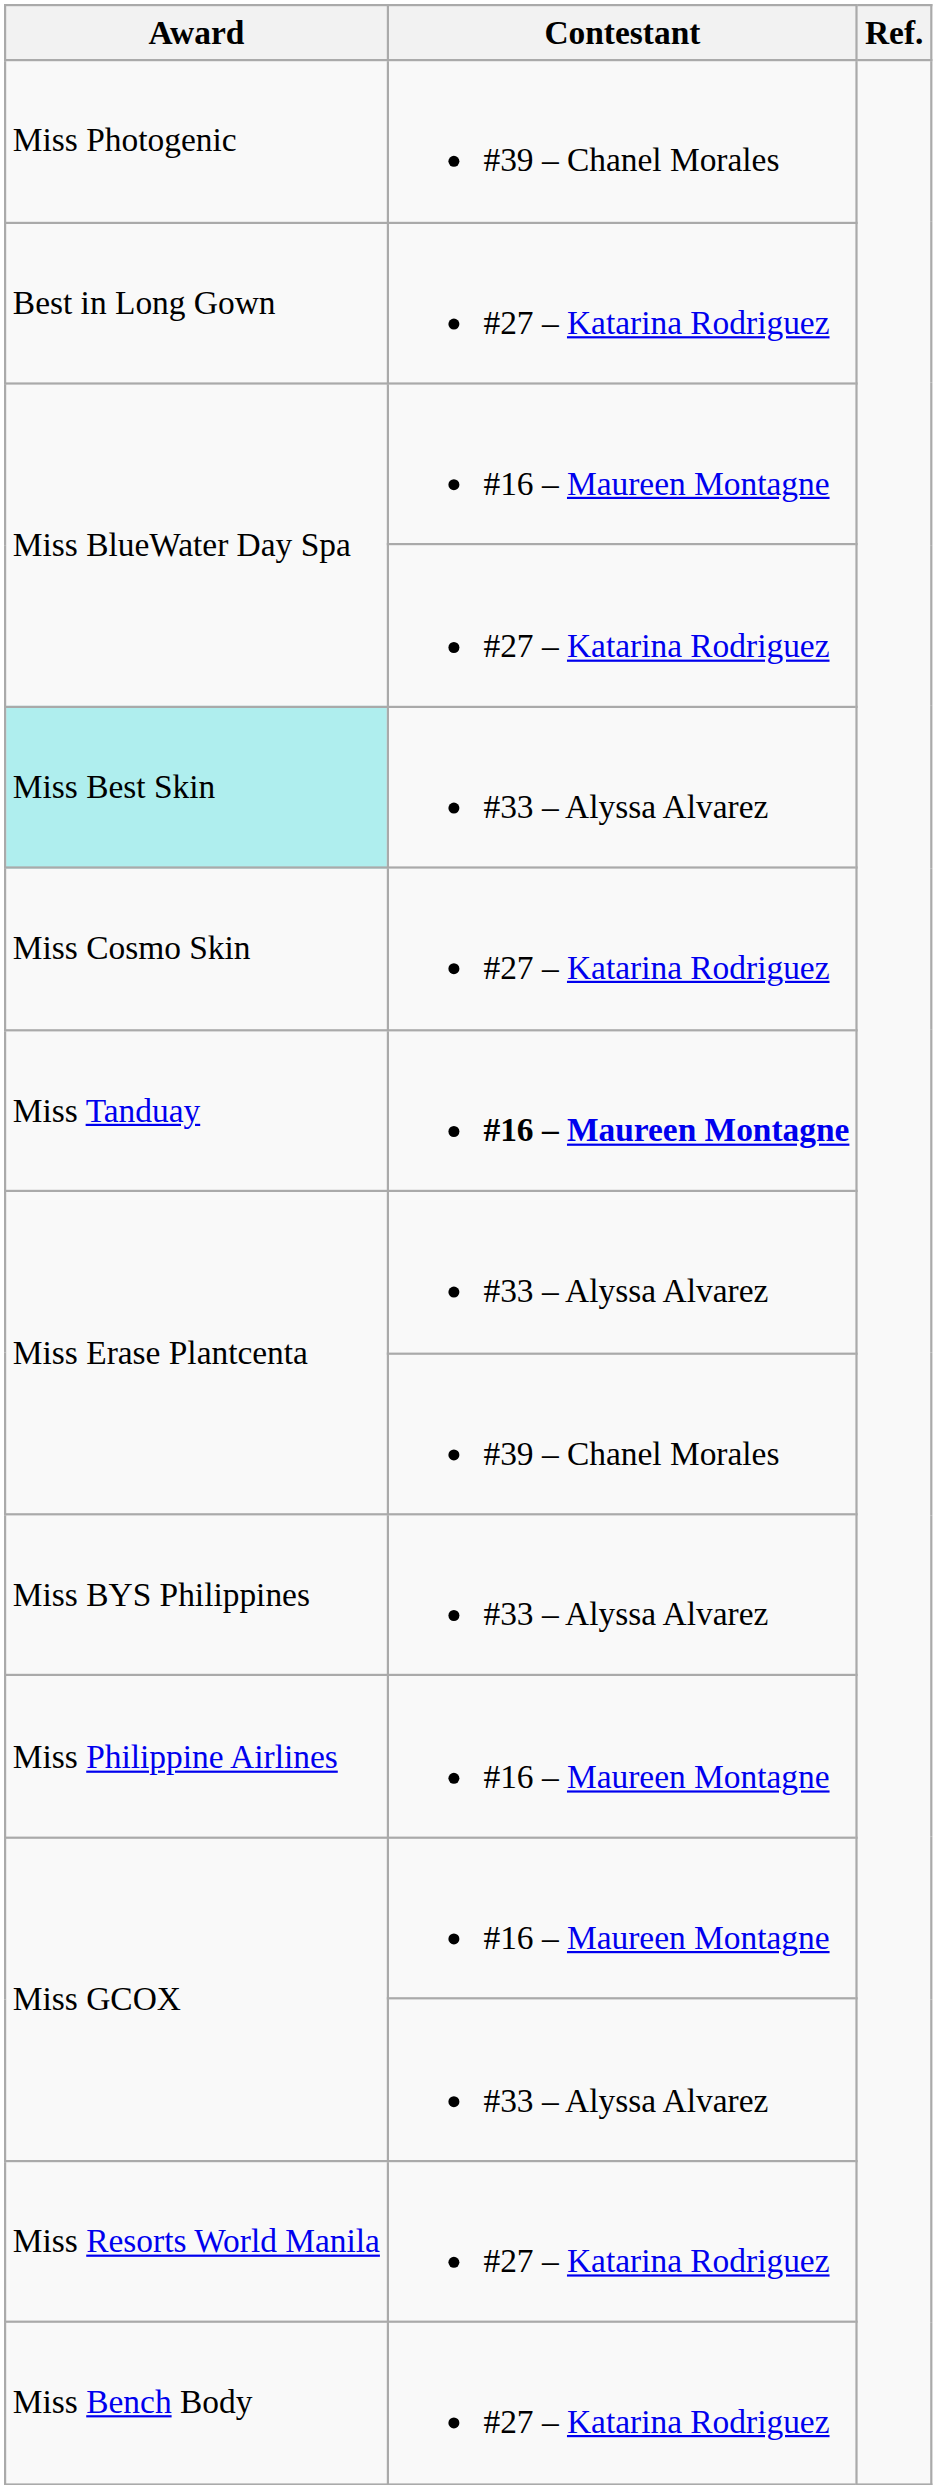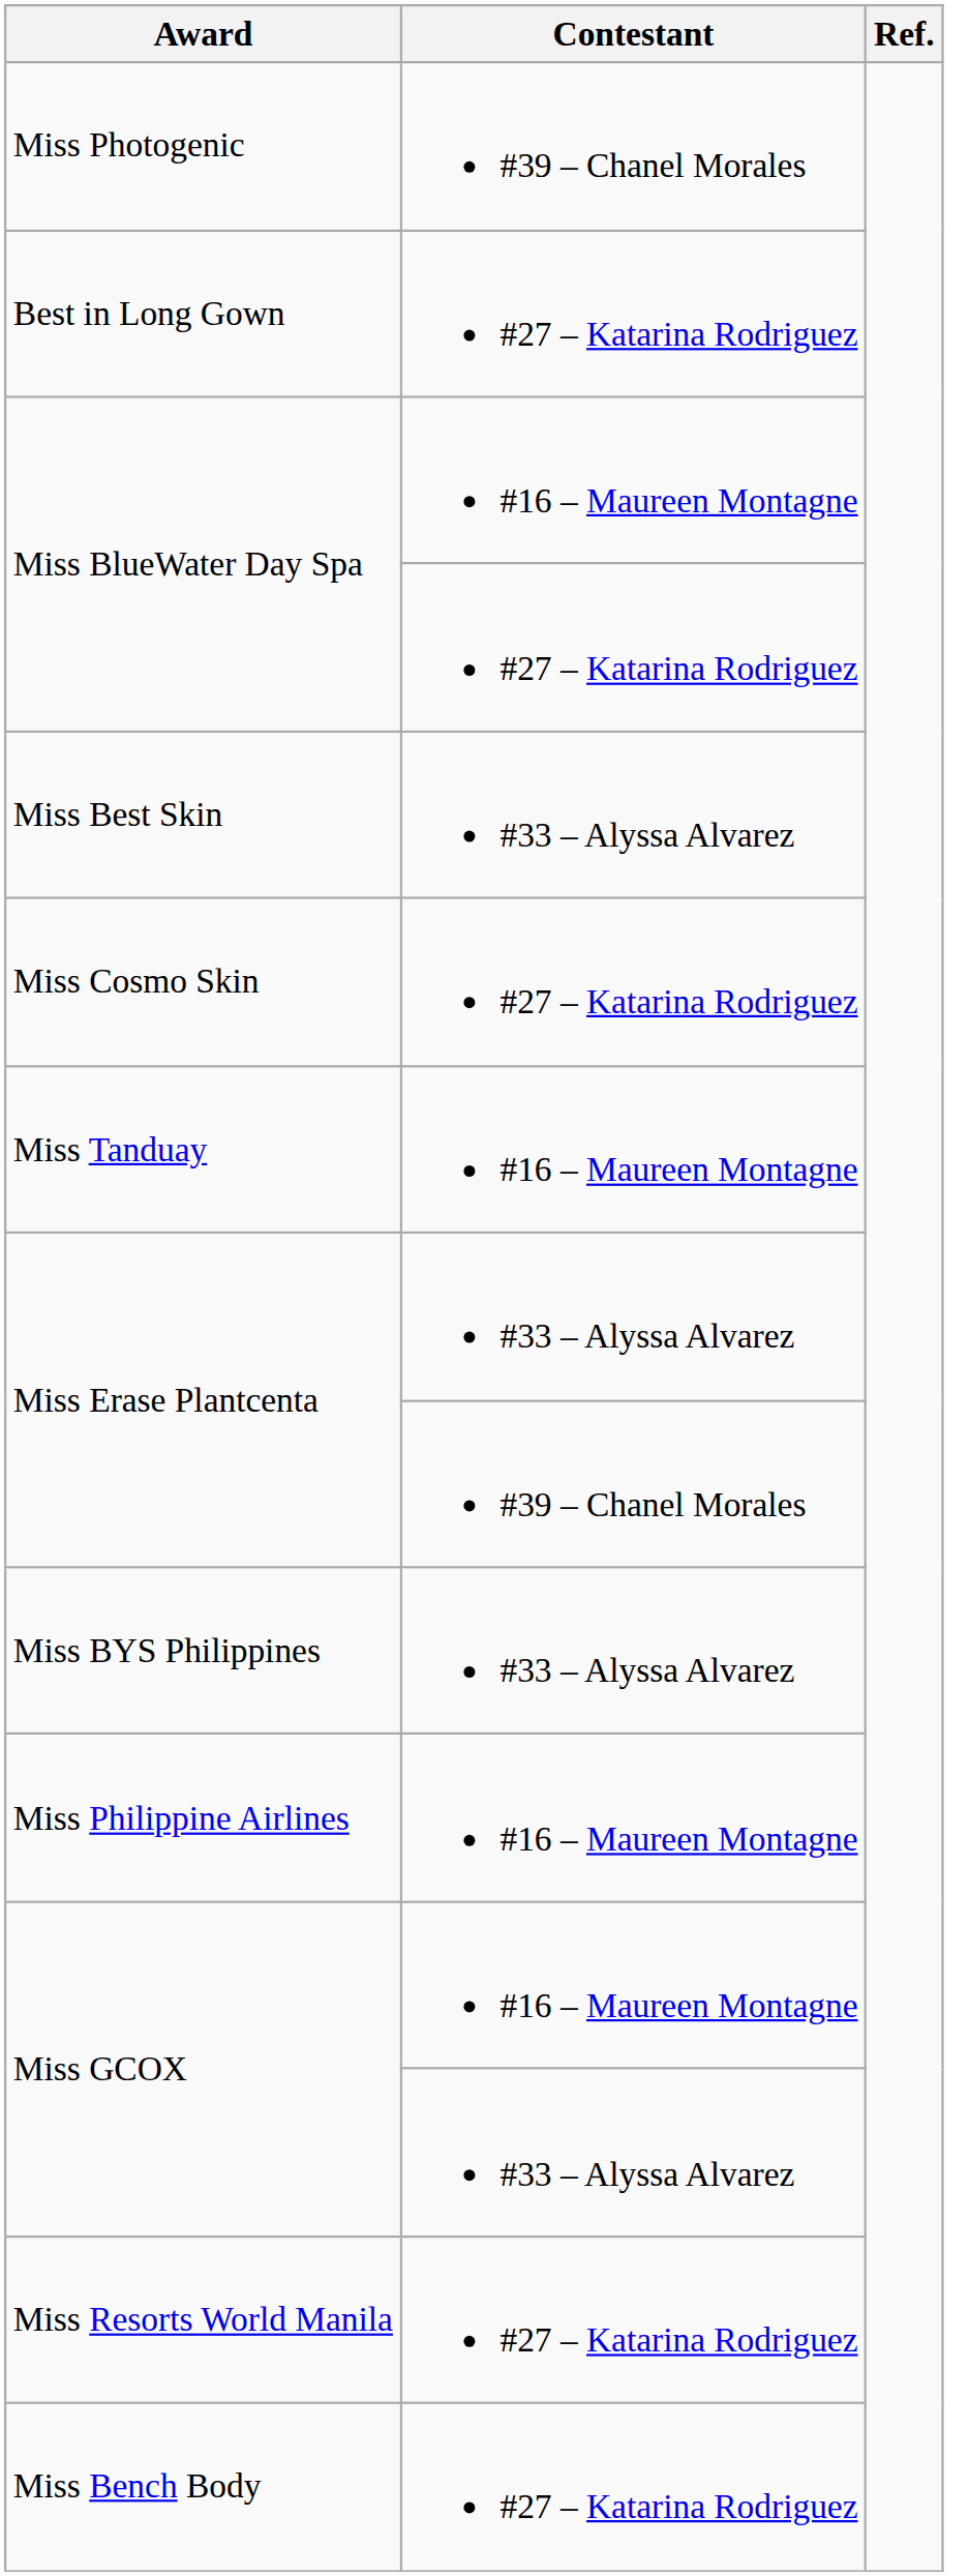 <table class="wikitable sortable" style="font-size:95%;">
 <tr>
 <th>Award</th>
 <th>Contestant</th>
 <th>Ref.</th>
 </tr>
 <tr>
 <td>Miss Photogenic</td>
 <td><br><ul><li>#39 – Chanel Morales</li></ul></td>
 <td rowspan="15"><br></td>
 </tr>
 <tr>
 <td>Best in Long Gown</td>
 <td><br><ul><li>#27 – <a href='#'>Katarina Rodriguez</a></li></ul></td>
 </tr>
 <tr>
 <td rowspan="2">Miss BlueWater Day Spa</td>
 <td><br><ul><li>#16 – <a href='#'>Maureen Montagne</a></li></ul></td>
 </tr>
 <tr>
 <td><br><ul><li>#27 – <a href='#'>Katarina Rodriguez</a></li></ul></td>
 </tr>
 <tr>
-<td style="background: paleturquoise;">Miss Best Skin</td>
+<td>Miss Best Skin</td>
 <td><br><ul><li>#33 – Alyssa Alvarez</li></ul></td>
 </tr>
 <tr>
 <td>Miss Cosmo Skin</td>
 <td><br><ul><li>#27 – <a href='#'>Katarina Rodriguez</a></li></ul></td>
 </tr>
 <tr>
 <td>Miss <a href='#'>Tanduay</a></td>
-<td><strong><br><ul><li>#16 – <a href='#'>Maureen Montagne</a></li></ul></strong></td>
+<td><br><ul><li>#16 – <a href='#'>Maureen Montagne</a></li></ul></td>
 </tr>
 <tr>
 <td rowspan="2">Miss Erase Plantcenta</td>
 <td><br><ul><li>#33 – Alyssa Alvarez</li></ul></td>
 </tr>
 <tr>
 <td><br><ul><li>#39 – Chanel Morales</li></ul></td>
 </tr>
 <tr>
 <td>Miss BYS Philippines</td>
 <td><br><ul><li>#33 – Alyssa Alvarez</li></ul></td>
 </tr>
 <tr>
 <td>Miss <a href='#'>Philippine Airlines</a></td>
 <td><br><ul><li>#16 – <a href='#'>Maureen Montagne</a></li></ul></td>
 </tr>
 <tr>
 <td rowspan="2">Miss GCOX</td>
 <td><br><ul><li>#16 – <a href='#'>Maureen Montagne</a></li></ul></td>
 </tr>
 <tr>
 <td><br><ul><li>#33 – Alyssa Alvarez</li></ul></td>
 </tr>
 <tr>
 <td>Miss <a href='#'>Resorts World Manila</a></td>
 <td><br><ul><li>#27 – <a href='#'>Katarina Rodriguez</a></li></ul></td>
 </tr>
 <tr>
 <td>Miss <a href='#'>Bench</a> Body</td>
 <td><br><ul><li>#27 – <a href='#'>Katarina Rodriguez</a></li></ul></td>
 </tr>
 </table>
